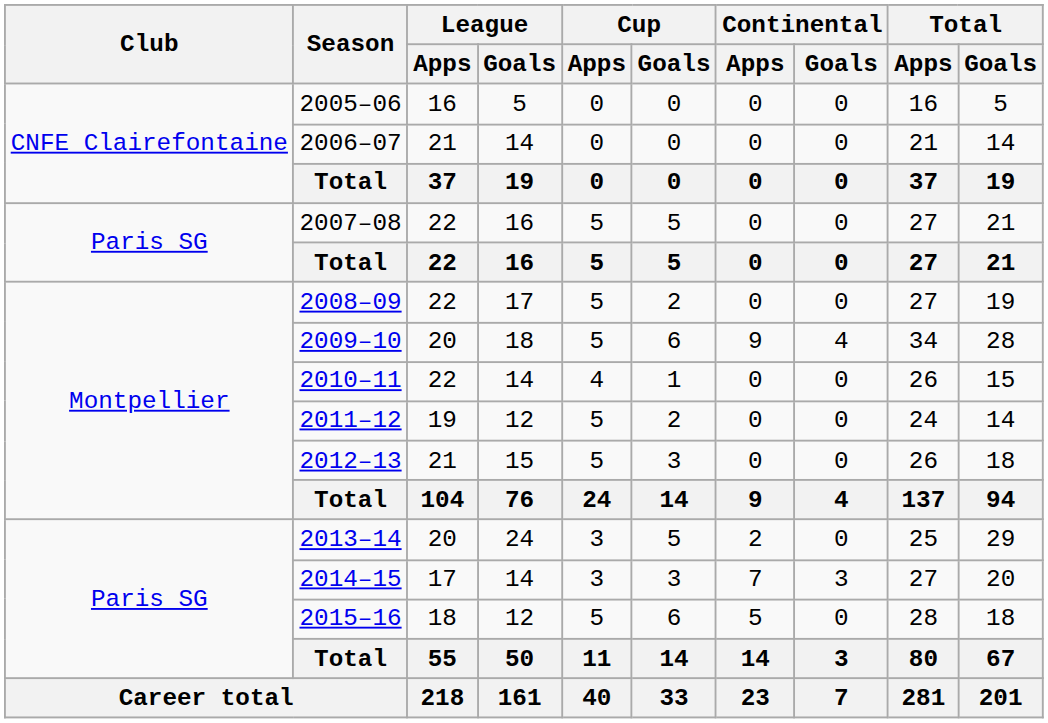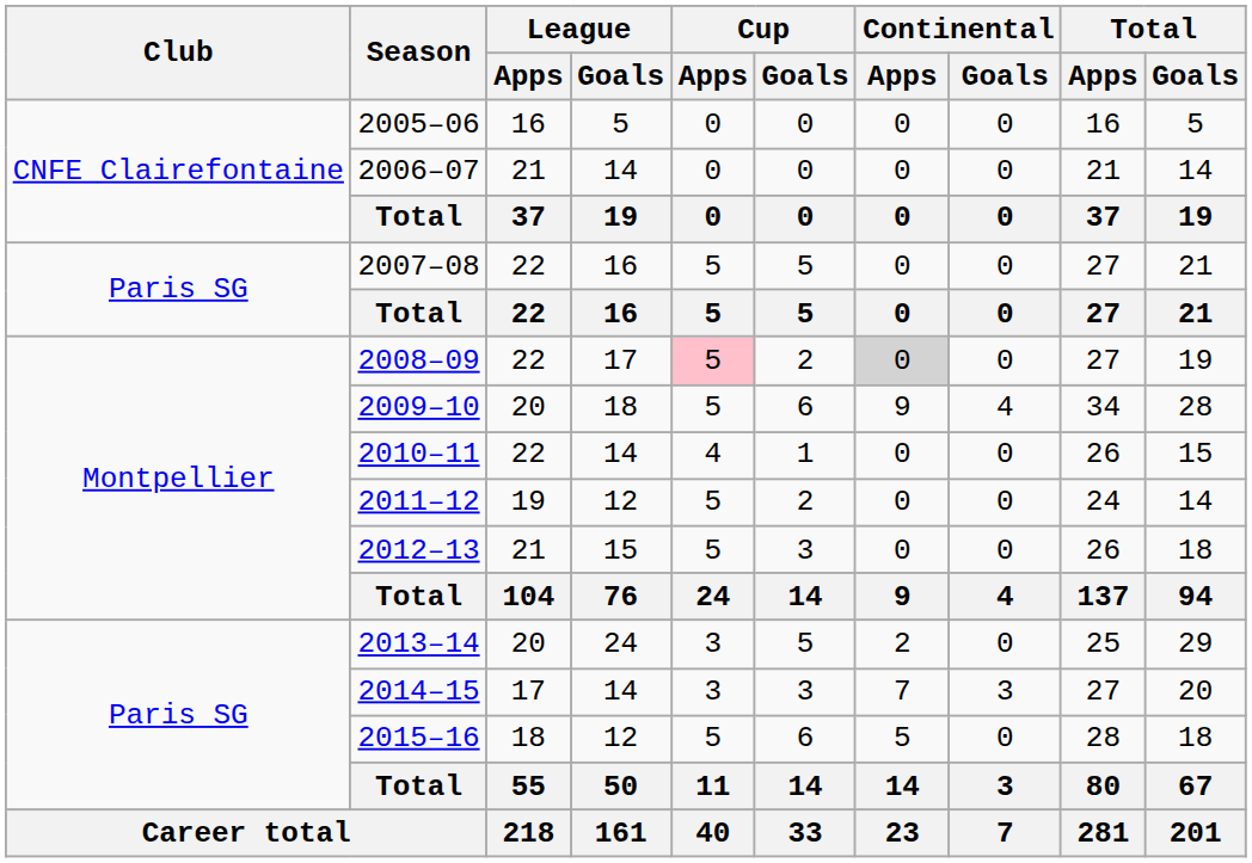 <table class="wikitable" style="text-align: center;">
 <tr>
 <th rowspan="2">Club</th>
 <th rowspan="2">Season</th>
 <th colspan="2">League</th>
 <th colspan="2">Cup</th>
 <th colspan="2">Continental</th>
 <th colspan="2">Total</th>
 </tr>
 <tr>
 <th>Apps</th>
 <th>Goals</th>
 <th>Apps</th>
 <th>Goals</th>
 <th>Apps</th>
 <th>Goals</th>
 <th>Apps</th>
 <th>Goals</th>
 </tr>
 <tr>
 <td rowspan="3" valign="center"><a href='#'>CNFE Clairefontaine</a></td>
 <td>2005–06</td>
 <td>16</td>
 <td>5</td>
 <td>0</td>
 <td>0</td>
 <td>0</td>
 <td>0</td>
 <td>16</td>
 <td>5</td>
 </tr>
 <tr>
 <td>2006–07</td>
 <td>21</td>
 <td>14</td>
 <td>0</td>
 <td>0</td>
 <td>0</td>
 <td>0</td>
 <td>21</td>
 <td>14</td>
 </tr>
 <tr>
 <th>Total</th>
 <th>37</th>
 <th>19</th>
 <th>0</th>
 <th>0</th>
 <th>0</th>
 <th>0</th>
 <th>37</th>
 <th>19</th>
 </tr>
 <tr>
 <td rowspan="2" valign="center"><a href='#'>Paris SG</a></td>
 <td>2007–08</td>
 <td>22</td>
 <td>16</td>
 <td>5</td>
 <td>5</td>
 <td>0</td>
 <td>0</td>
 <td>27</td>
 <td>21</td>
 </tr>
 <tr>
 <th>Total</th>
 <th>22</th>
 <th>16</th>
 <th>5</th>
 <th>5</th>
 <th>0</th>
 <th>0</th>
 <th>27</th>
 <th>21</th>
 </tr>
 <tr>
 <td rowspan="6" valign="center"><a href='#'>Montpellier</a></td>
 <td><a href='#'>2008–09</a></td>
 <td>22</td>
 <td>17</td>
-<td>5</td>
+<td style="background: pink;">5</td>
 <td>2</td>
-<td>0</td>
+<td style="background: lightgrey;">0</td>
 <td>0</td>
 <td>27</td>
 <td>19</td>
 </tr>
 <tr>
 <td><a href='#'>2009–10</a></td>
 <td>20</td>
 <td>18</td>
 <td>5</td>
 <td>6</td>
 <td>9</td>
 <td>4</td>
 <td>34</td>
 <td>28</td>
 </tr>
 <tr>
 <td><a href='#'>2010–11</a></td>
 <td>22</td>
 <td>14</td>
 <td>4</td>
 <td>1</td>
 <td>0</td>
 <td>0</td>
 <td>26</td>
 <td>15</td>
 </tr>
 <tr>
 <td><a href='#'>2011–12</a></td>
 <td>19</td>
 <td>12</td>
 <td>5</td>
 <td>2</td>
 <td>0</td>
 <td>0</td>
 <td>24</td>
 <td>14</td>
 </tr>
 <tr>
 <td><a href='#'>2012–13</a></td>
 <td>21</td>
 <td>15</td>
 <td>5</td>
 <td>3</td>
 <td>0</td>
 <td>0</td>
 <td>26</td>
 <td>18</td>
 </tr>
 <tr>
 <th>Total</th>
 <th>104</th>
 <th>76</th>
 <th>24</th>
 <th>14</th>
 <th>9</th>
 <th>4</th>
 <th>137</th>
 <th>94</th>
 </tr>
 <tr>
 <td rowspan="4" valign="center"><a href='#'>Paris SG</a></td>
 <td><a href='#'>2013–14</a></td>
 <td>20</td>
 <td>24</td>
 <td>3</td>
 <td>5</td>
 <td>2</td>
 <td>0</td>
 <td>25</td>
 <td>29</td>
 </tr>
 <tr>
 <td><a href='#'>2014–15</a></td>
 <td>17</td>
 <td>14</td>
 <td>3</td>
 <td>3</td>
 <td>7</td>
 <td>3</td>
 <td>27</td>
 <td>20</td>
 </tr>
 <tr>
 <td><a href='#'>2015–16</a></td>
 <td>18</td>
 <td>12</td>
 <td>5</td>
 <td>6</td>
 <td>5</td>
 <td>0</td>
 <td>28</td>
 <td>18</td>
 </tr>
 <tr>
 <th>Total</th>
 <th>55</th>
 <th>50</th>
 <th>11</th>
 <th>14</th>
 <th>14</th>
 <th>3</th>
 <th>80</th>
 <th>67</th>
 </tr>
 <tr>
 <th colspan="2">Career total</th>
 <th>218</th>
 <th>161</th>
 <th>40</th>
 <th>33</th>
 <th>23</th>
 <th>7</th>
 <th>281</th>
 <th>201</th>
 </tr>
 </table>
